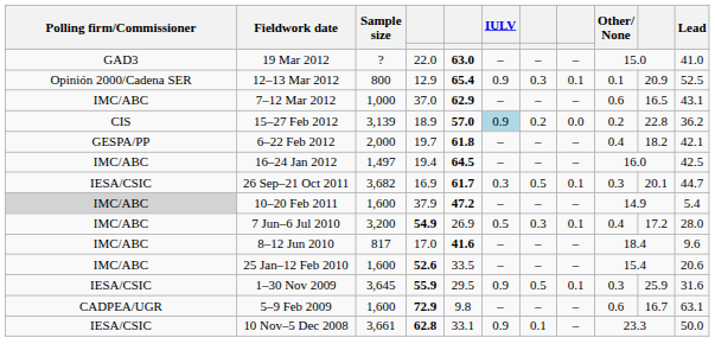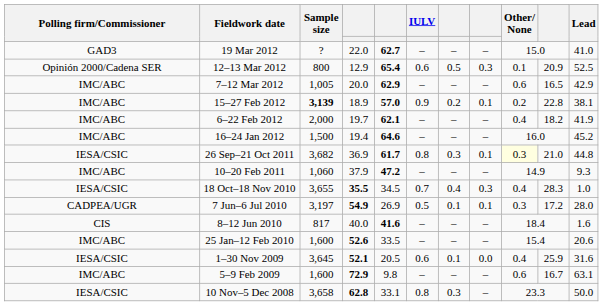 <table class="wikitable collapsible collapsed" style="text-align:center; font-size:90%; line-height:16px;">
 <tr style="height:42px;">
 <th style="width:250px;" rowspan="2">Polling firm/Commissioner</th>
 <th style="width:125px;" rowspan="2">Fieldwork date</th>
 <th style="width:50px;" rowspan="2">Sample size</th>
 <th style="width:35px;"></th>
 <th style="width:35px;"></th>
 <th style="width:35px;"><a href='#'>IULV</a></th>
 <th style="width:35px;"></th>
 <th style="width:35px;"></th>
 <th style="width:35px;" rowspan="2">Other/<br>None</th>
 <th style="width:35px;" rowspan="2"></th>
 <th style="width:30px;" rowspan="2">Lead</th>
 </tr>
 <tr>
 <th style="color:inherit;background:"></th>
 <th style="color:inherit;background:"></th>
 <th style="color:inherit;background:"></th>
 <th style="color:inherit;background:"></th>
 <th style="color:inherit;background:"></th>
 </tr>
 <tr>
 <td>GAD3</td>
 <td>19 Mar 2012</td>
 <td>?</td>
 <td>22.0</td>
-<td><strong>63.0</strong></td>
+<td><strong>62.7</strong></td>
 <td>–</td>
 <td>–</td>
 <td>–</td>
 <td colspan="2">15.0</td>
 <td style="background:">41.0</td>
 </tr>
 <tr>
 <td>Opinión 2000/Cadena SER</td>
 <td>12–13 Mar 2012</td>
 <td>800</td>
 <td>12.9</td>
 <td><strong>65.4</strong></td>
-<td>0.9</td>
+<td>0.6</td>
+<td>0.5</td>
 <td>0.3</td>
-<td>0.1</td>
 <td>0.1</td>
 <td>20.9</td>
 <td style="background:">52.5</td>
 </tr>
 <tr>
 <td>IMC/ABC</td>
 <td>7–12 Mar 2012</td>
-<td>1,000</td>
-<td>37.0</td>
+<td>1,005</td>
+<td>20.0</td>
 <td><strong>62.9</strong></td>
 <td>–</td>
 <td>–</td>
 <td>–</td>
 <td>0.6</td>
 <td>16.5</td>
-<td style="background:">43.1</td>
+<td style="background:">42.9</td>
 </tr>
 <tr>
-<td>CIS</td>
+<td>IMC/ABC</td>
 <td>15–27 Feb 2012</td>
-<td>3,139</td>
+<td><strong>3,139</strong></td>
 <td>18.9</td>
 <td><strong>57.0</strong></td>
-<td style="background: lightblue;">0.9</td>
+<td>0.9</td>
 <td>0.2</td>
-<td>0.0</td>
+<td>0.1</td>
 <td>0.2</td>
 <td>22.8</td>
-<td style="background:">36.2</td>
+<td style="background:">38.1</td>
 </tr>
 <tr>
-<td>GESPA/PP</td>
+<td>IMC/ABC</td>
 <td>6–22 Feb 2012</td>
 <td>2,000</td>
 <td>19.7</td>
-<td><strong>61.8</strong></td>
+<td><strong>62.1</strong></td>
 <td>–</td>
 <td>–</td>
 <td>–</td>
 <td>0.4</td>
 <td>18.2</td>
-<td style="background:">42.1</td>
+<td style="background:">41.9</td>
 </tr>
 <tr>
 <td>IMC/ABC</td>
 <td>16–24 Jan 2012</td>
-<td>1,497</td>
+<td>1,500</td>
 <td>19.4</td>
-<td><strong>64.5</strong></td>
+<td><strong>64.6</strong></td>
 <td>–</td>
 <td>–</td>
 <td>–</td>
 <td colspan="2">16.0</td>
-<td style="background:">42.5</td>
+<td style="background:">45.2</td>
 </tr>
 <tr>
 <td>IESA/CSIC</td>
 <td>26 Sep–21 Oct 2011</td>
 <td>3,682</td>
-<td>16.9</td>
+<td>36.9</td>
 <td><strong>61.7</strong></td>
+<td>0.8</td>
 <td>0.3</td>
-<td>0.5</td>
 <td>0.1</td>
-<td>0.3</td>
-<td>20.1</td>
-<td style="background:">44.7</td>
+<td style="background: lightyellow;">0.3</td>
+<td>21.0</td>
+<td style="background:">44.8</td>
 </tr>
 <tr>
-<td style="background: lightgrey;">IMC/ABC</td>
+<td>IMC/ABC</td>
 <td>10–20 Feb 2011</td>
-<td>1,600</td>
+<td>1,060</td>
 <td>37.9</td>
 <td><strong>47.2</strong></td>
 <td>–</td>
 <td>–</td>
 <td>–</td>
 <td colspan="2">14.9</td>
-<td style="background:">5.4</td>
+<td style="background:">9.3</td>
 </tr>
 <tr>
-<td>IMC/ABC</td>
+<td>IESA/CSIC</td>
+<td>18 Oct–18 Nov 2010</td>
+<td>3,655</td>
+<td><strong>35.5</strong></td>
+<td>34.5</td>
+<td>0.7</td>
+<td>0.4</td>
+<td>0.3</td>
+<td>0.4</td>
+<td>28.3</td>
+<td style="background:">1.0</td>
+</tr>
+<tr>
+<td>CADPEA/UGR</td>
 <td>7 Jun–6 Jul 2010</td>
-<td>3,200</td>
+<td>3,197</td>
 <td><strong>54.9</strong></td>
 <td>26.9</td>
 <td>0.5</td>
+<td>0.1</td>
+<td>0.1</td>
 <td>0.3</td>
-<td>0.1</td>
-<td>0.4</td>
 <td>17.2</td>
 <td style="background:">28.0</td>
 </tr>
 <tr>
-<td>IMC/ABC</td>
+<td>CIS</td>
 <td>8–12 Jun 2010</td>
 <td>817</td>
-<td>17.0</td>
+<td>40.0</td>
 <td><strong>41.6</strong></td>
 <td>–</td>
 <td>–</td>
 <td>–</td>
 <td colspan="2">18.4</td>
-<td style="background:">9.6</td>
+<td style="background:">1.6</td>
 </tr>
 <tr>
 <td>IMC/ABC</td>
 <td>25 Jan–12 Feb 2010</td>
 <td>1,600</td>
 <td><strong>52.6</strong></td>
 <td>33.5</td>
 <td>–</td>
 <td>–</td>
 <td>–</td>
 <td colspan="2">15.4</td>
 <td style="background:">20.6</td>
 </tr>
 <tr>
 <td>IESA/CSIC</td>
 <td>1–30 Nov 2009</td>
 <td>3,645</td>
-<td><strong>55.9</strong></td>
-<td>29.5</td>
-<td>0.9</td>
-<td>0.5</td>
+<td><strong>52.1</strong></td>
+<td>20.5</td>
+<td>0.6</td>
 <td>0.1</td>
-<td>0.3</td>
+<td>0.0</td>
+<td>0.4</td>
 <td>25.9</td>
 <td style="background:">31.6</td>
 </tr>
 <tr>
-<td>CADPEA/UGR</td>
+<td>IMC/ABC</td>
 <td>5–9 Feb 2009</td>
 <td>1,600</td>
 <td><strong>72.9</strong></td>
 <td>9.8</td>
 <td>–</td>
 <td>–</td>
 <td>–</td>
 <td>0.6</td>
 <td>16.7</td>
 <td style="background:">63.1</td>
 </tr>
 <tr>
 <td>IESA/CSIC</td>
 <td>10 Nov–5 Dec 2008</td>
-<td>3,661</td>
+<td>3,658</td>
 <td><strong>62.8</strong></td>
 <td>33.1</td>
-<td>0.9</td>
-<td>0.1</td>
+<td>0.8</td>
+<td>0.3</td>
 <td>–</td>
 <td colspan="2">23.3</td>
 <td style="background:">50.0</td>
 </tr>
 </table>
